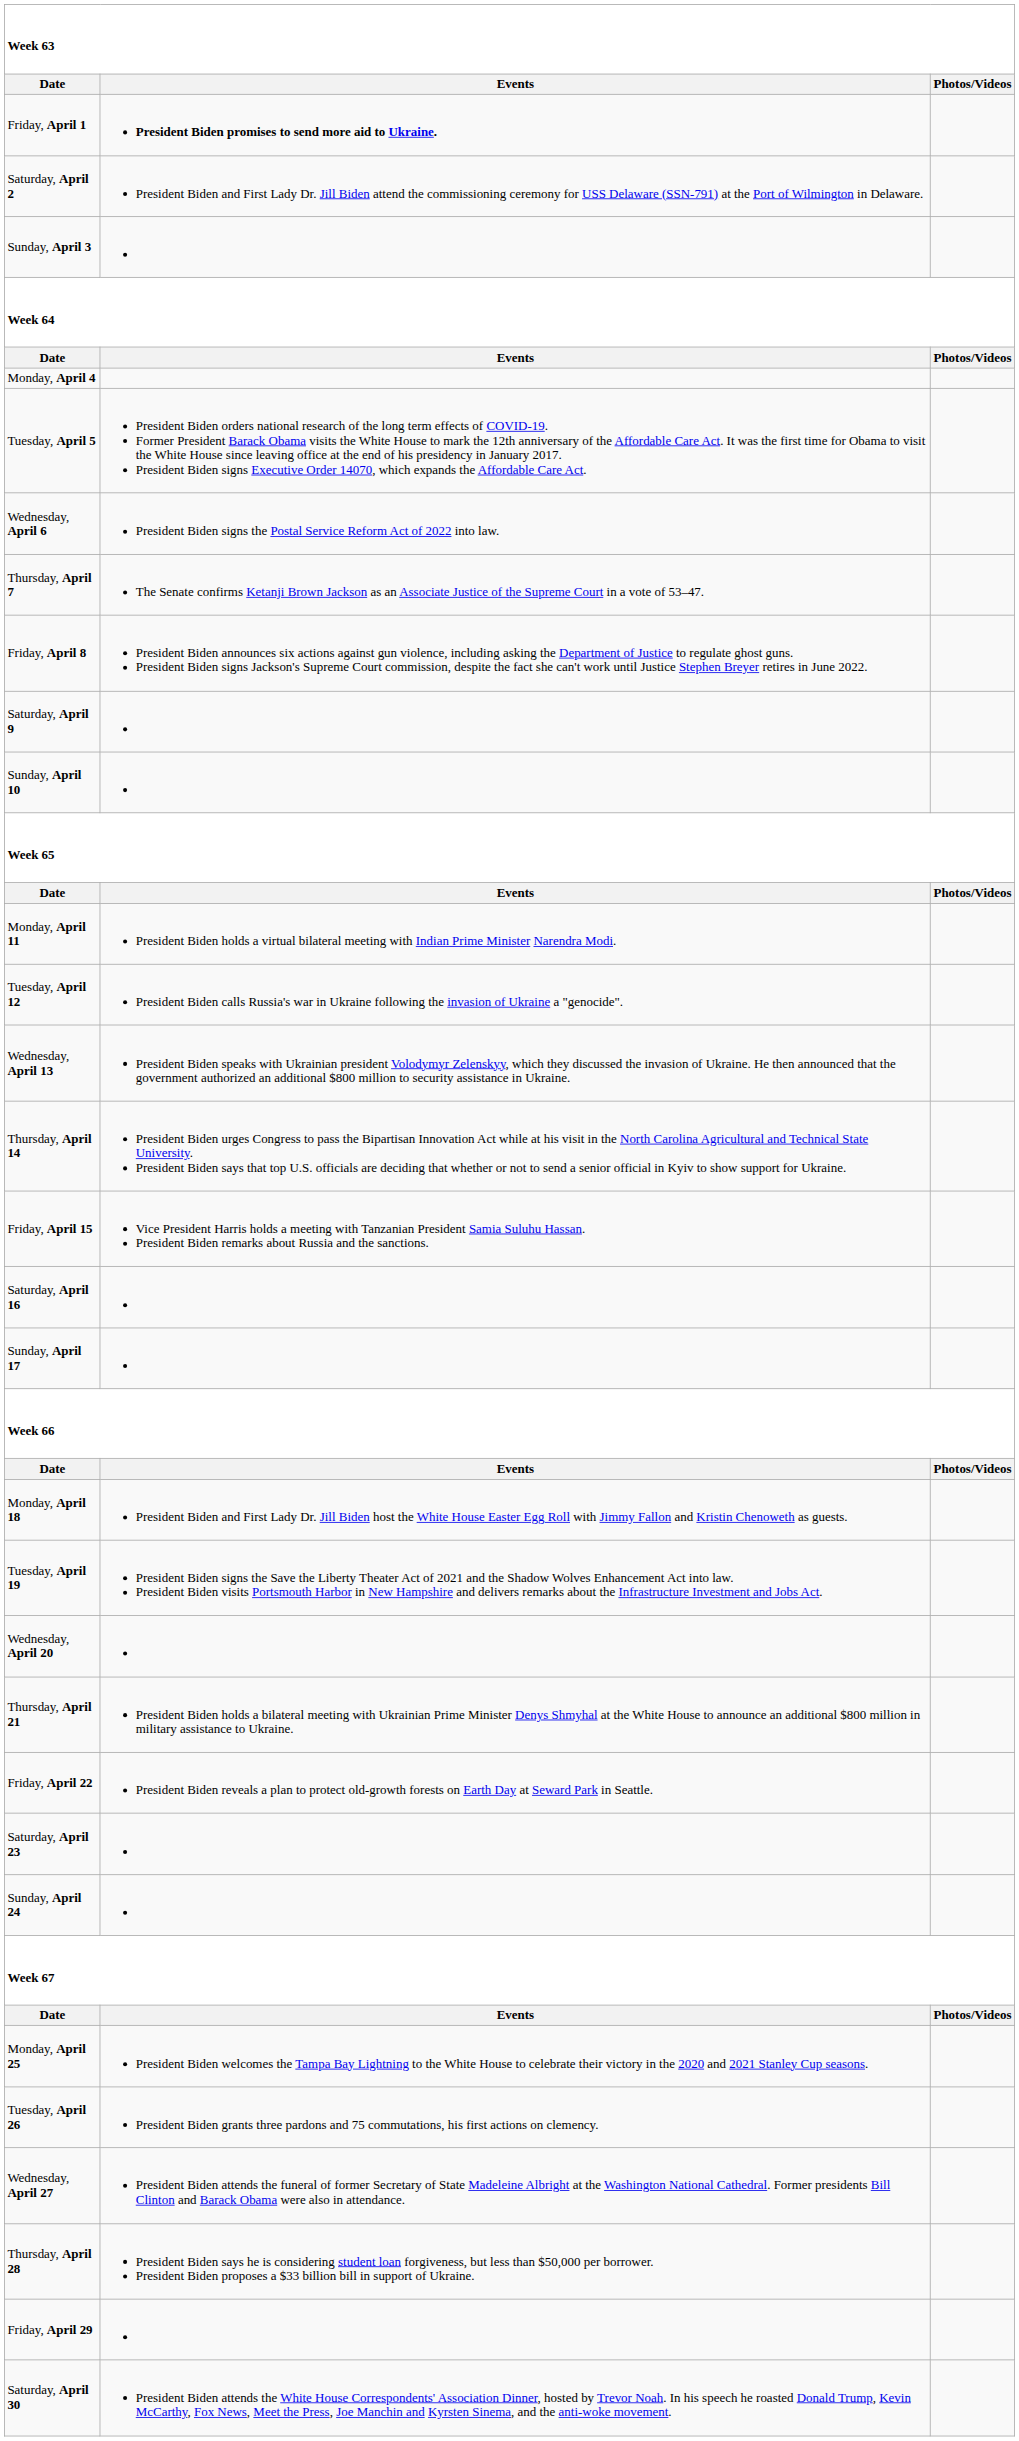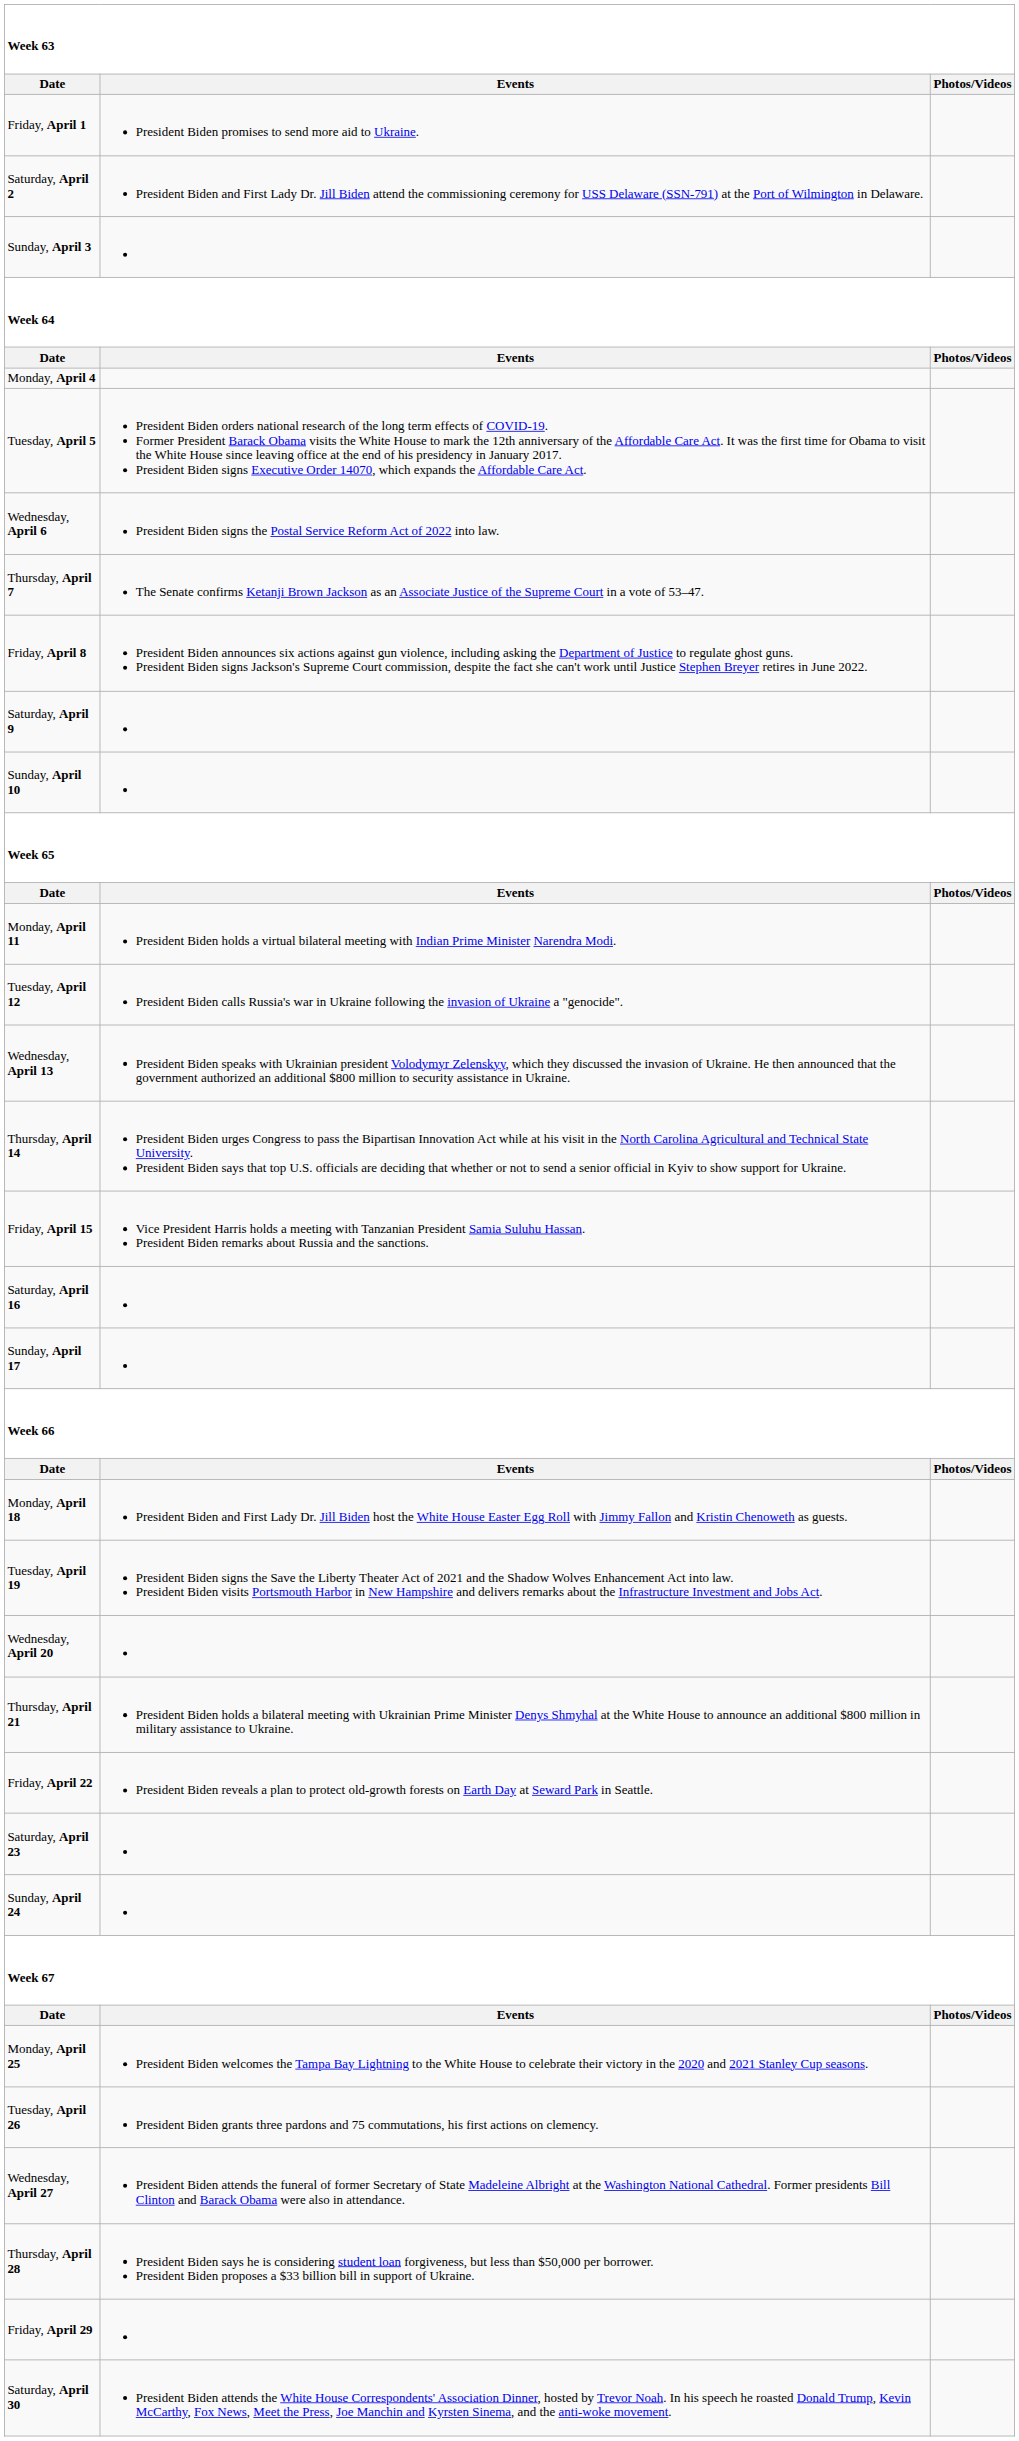 <table class="wikitable">
 <tr style="background:white;">
 <td colspan="3"><br><h4>Week 63</h4></td>
 </tr>
 <tr>
 <th>Date</th>
 <th>Events</th>
 <th>Photos/Videos</th>
 </tr>
 <tr>
 <td>Friday, <strong>April 1</strong></td>
-<td><strong><br><ul><li>President Biden promises to send more aid to <a href='#'>Ukraine</a>.</li></ul></strong></td>
+<td><br><ul><li>President Biden promises to send more aid to <a href='#'>Ukraine</a>.</li></ul></td>
 <td></td>
 </tr>
 <tr>
 <td>Saturday, <strong>April 2</strong></td>
 <td><br><ul><li>President Biden and First Lady Dr. <a href='#'>Jill Biden</a> attend the commissioning ceremony for <a href='#'>USS Delaware (SSN-791)</a> at the <a href='#'>Port of Wilmington</a> in Delaware.</li></ul></td>
 <td></td>
 </tr>
 <tr>
 <td>Sunday, <strong>April 3</strong></td>
 <td><br><ul><li></li></ul></td>
 <td></td>
 </tr>
 <tr style="background:white;">
 <td colspan="3"><br><h4>Week 64</h4></td>
 </tr>
 <tr>
 <th>Date</th>
 <th>Events</th>
 <th>Photos/Videos</th>
 </tr>
 <tr>
 <td>Monday, <strong>April 4</strong></td>
 <td></td>
 <td></td>
 </tr>
 <tr>
 <td>Tuesday, <strong>April 5</strong></td>
 <td><br><ul><li>President Biden orders national research of the long term effects of <a href='#'>COVID-19</a>.</li><li>Former President <a href='#'>Barack Obama</a> visits the White House to mark the 12th anniversary of the <a href='#'>Affordable Care Act</a>. It was the first time for Obama to visit the White House since leaving office at the end of his presidency in January 2017.</li><li>President Biden signs <a href='#'>Executive Order 14070</a>, which expands the <a href='#'>Affordable Care Act</a>.</li></ul></td>
 <td></td>
 </tr>
 <tr>
 <td>Wednesday, <strong>April 6</strong></td>
 <td><br><ul><li>President Biden signs the <a href='#'>Postal Service Reform Act of 2022</a> into law.</li></ul></td>
 <td></td>
 </tr>
 <tr>
 <td>Thursday, <strong>April 7</strong></td>
 <td><br><ul><li>The Senate confirms <a href='#'>Ketanji Brown Jackson</a> as an <a href='#'>Associate Justice of the Supreme Court</a> in a vote of 53–47.</li></ul></td>
 <td></td>
 </tr>
 <tr>
 <td>Friday, <strong>April 8</strong></td>
 <td><br><ul><li>President Biden announces six actions against gun violence, including asking the <a href='#'>Department of Justice</a> to regulate ghost guns.</li><li>President Biden signs Jackson's Supreme Court commission, despite the fact she can't work until Justice <a href='#'>Stephen Breyer</a> retires in June 2022.</li></ul></td>
 <td></td>
 </tr>
 <tr>
 <td>Saturday, <strong>April 9</strong></td>
 <td><br><ul><li></li></ul></td>
 <td></td>
 </tr>
 <tr>
 <td>Sunday, <strong>April 10</strong></td>
 <td><br><ul><li></li></ul></td>
 <td></td>
 </tr>
 <tr style="background:white;">
 <td colspan="3"><br><h4>Week 65</h4></td>
 </tr>
 <tr>
 <th>Date</th>
 <th>Events</th>
 <th>Photos/Videos</th>
 </tr>
 <tr>
 <td>Monday, <strong>April 11</strong></td>
 <td><br><ul><li>President Biden holds a virtual bilateral meeting with <a href='#'>Indian Prime Minister</a> <a href='#'>Narendra Modi</a>.</li></ul></td>
 <td></td>
 </tr>
 <tr>
 <td>Tuesday, <strong>April 12</strong></td>
 <td><br><ul><li>President Biden calls Russia's war in Ukraine following the <a href='#'>invasion of Ukraine</a> a "genocide".</li></ul></td>
 <td></td>
 </tr>
 <tr>
 <td>Wednesday, <strong>April 13</strong></td>
 <td><br><ul><li>President Biden speaks with Ukrainian president <a href='#'>Volodymyr Zelenskyy</a>, which they discussed the invasion of Ukraine. He then announced that the government authorized an additional $800 million to security assistance in Ukraine.</li></ul></td>
 <td></td>
 </tr>
 <tr>
 <td>Thursday, <strong>April 14</strong></td>
 <td><br><ul><li>President Biden urges Congress to pass the Bipartisan Innovation Act while at his visit in the <a href='#'>North Carolina Agricultural and Technical State University</a>.</li><li>President Biden says that top U.S. officials are deciding that whether or not to send a senior official in Kyiv to show support for Ukraine.</li></ul></td>
 <td></td>
 </tr>
 <tr>
 <td>Friday, <strong>April 15</strong></td>
 <td><br><ul><li>Vice President Harris holds a meeting with Tanzanian President <a href='#'>Samia Suluhu Hassan</a>.</li><li>President Biden remarks about Russia and the sanctions.</li></ul></td>
 <td></td>
 </tr>
 <tr>
 <td>Saturday, <strong>April 16</strong></td>
 <td><br><ul><li></li></ul></td>
 <td></td>
 </tr>
 <tr>
 <td>Sunday, <strong>April 17</strong></td>
 <td><br><ul><li></li></ul></td>
 <td></td>
 </tr>
 <tr style="background:white;">
 <td colspan="3"><br><h4>Week 66</h4></td>
 </tr>
 <tr>
 <th>Date</th>
 <th>Events</th>
 <th>Photos/Videos</th>
 </tr>
 <tr>
 <td>Monday, <strong>April 18</strong></td>
 <td><br><ul><li>President Biden and First Lady Dr. <a href='#'>Jill Biden</a> host the <a href='#'>White House Easter Egg Roll</a> with <a href='#'>Jimmy Fallon</a> and <a href='#'>Kristin Chenoweth</a> as guests.</li></ul></td>
 <td></td>
 </tr>
 <tr>
 <td>Tuesday, <strong>April 19</strong></td>
 <td><br><ul><li>President Biden signs the Save the Liberty Theater Act of 2021 and the Shadow Wolves Enhancement Act into law.</li><li>President Biden visits <a href='#'>Portsmouth Harbor</a> in <a href='#'>New Hampshire</a> and delivers remarks about the <a href='#'>Infrastructure Investment and Jobs Act</a>.</li></ul></td>
 <td></td>
 </tr>
 <tr>
 <td>Wednesday, <strong>April 20</strong></td>
 <td><br><ul><li></li></ul></td>
 <td></td>
 </tr>
 <tr>
 <td>Thursday, <strong>April 21</strong></td>
 <td><br><ul><li>President Biden holds a bilateral meeting with Ukrainian Prime Minister <a href='#'>Denys Shmyhal</a> at the White House to announce an additional $800 million in military assistance to Ukraine.</li></ul></td>
 <td></td>
 </tr>
 <tr>
 <td>Friday, <strong>April 22</strong></td>
 <td><br><ul><li>President Biden reveals a plan to protect old-growth forests on <a href='#'>Earth Day</a> at <a href='#'>Seward Park</a> in Seattle.</li></ul></td>
 <td></td>
 </tr>
 <tr>
 <td>Saturday, <strong>April 23</strong></td>
 <td><br><ul><li></li></ul></td>
 <td></td>
 </tr>
 <tr>
 <td>Sunday, <strong>April 24</strong></td>
 <td><br><ul><li></li></ul></td>
 <td></td>
 </tr>
 <tr style="background:white;">
 <td colspan="3"><br><h4>Week 67</h4></td>
 </tr>
 <tr>
 <th>Date</th>
 <th>Events</th>
 <th>Photos/Videos</th>
 </tr>
 <tr>
 <td>Monday, <strong>April 25</strong></td>
 <td><br><ul><li>President Biden welcomes the <a href='#'>Tampa Bay Lightning</a> to the White House to celebrate their victory in the <a href='#'>2020</a> and <a href='#'>2021 Stanley Cup seasons</a>.</li></ul></td>
 <td></td>
 </tr>
 <tr>
 <td>Tuesday, <strong>April 26</strong></td>
 <td><br><ul><li>President Biden grants three pardons and 75 commutations, his first actions on clemency.</li></ul></td>
 <td></td>
 </tr>
 <tr>
 <td>Wednesday, <strong>April 27</strong></td>
 <td><br><ul><li>President Biden attends the funeral of former Secretary of State <a href='#'>Madeleine Albright</a> at the <a href='#'>Washington National Cathedral</a>. Former presidents <a href='#'>Bill Clinton</a> and <a href='#'>Barack Obama</a> were also in attendance.</li></ul></td>
 <td></td>
 </tr>
 <tr>
 <td>Thursday, <strong>April 28</strong></td>
 <td><br><ul><li>President Biden says he is considering <a href='#'>student loan</a> forgiveness, but less than $50,000 per borrower.</li><li>President Biden proposes a $33 billion bill in support of Ukraine.</li></ul></td>
 <td></td>
 </tr>
 <tr>
 <td>Friday, <strong>April 29</strong></td>
 <td><br><ul><li></li></ul></td>
 <td></td>
 </tr>
 <tr>
 <td>Saturday, <strong>April 30</strong></td>
 <td><br><ul><li>President Biden attends the <a href='#'>White House Correspondents' Association Dinner</a>, hosted by <a href='#'>Trevor Noah</a>. In his speech he roasted <a href='#'>Donald Trump</a>, <a href='#'>Kevin McCarthy</a>, <a href='#'>Fox News</a>, <a href='#'>Meet the Press</a>, <a href='#'>Joe Manchin and</a> <a href='#'>Kyrsten Sinema</a>, and the <a href='#'>anti-woke movement</a>.</li></ul></td>
 <td></td>
 </tr>
 </table>
